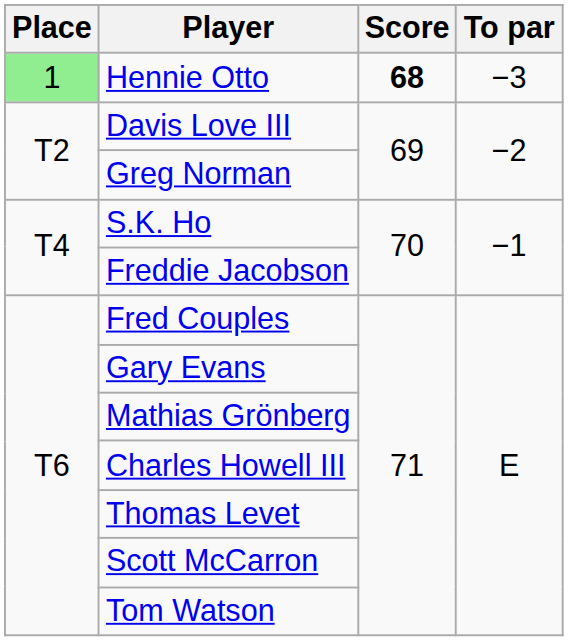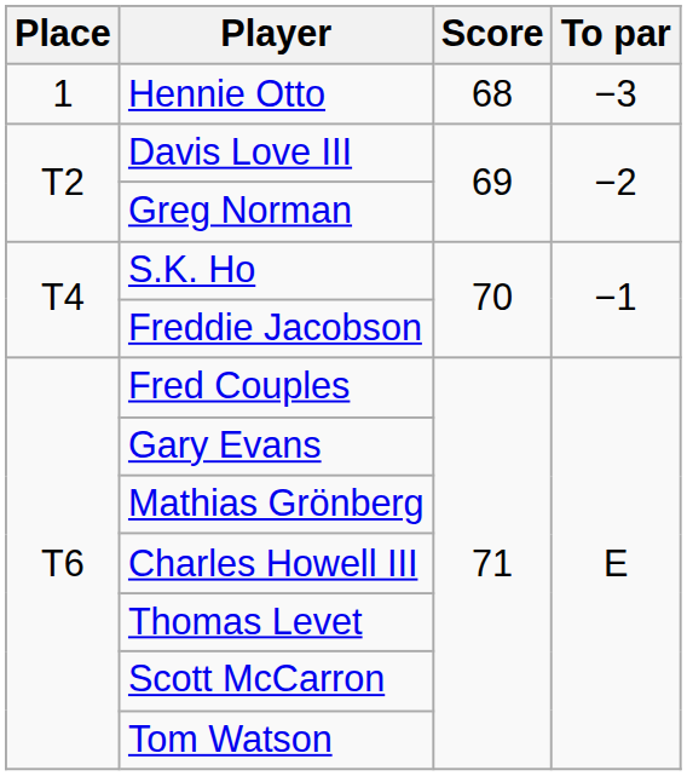 <table class="wikitable">
 <tr>
 <th>Place</th>
 <th>Player</th>
 <th>Score</th>
 <th>To par</th>
 </tr>
 <tr>
-<td align=center style="background: lightgreen;">1</td>
+<td align=center>1</td>
 <td> <a href='#'>Hennie Otto</a></td>
-<td align=center><strong>68</strong></td>
+<td align=center>68</td>
 <td align=center>−3</td>
 </tr>
 <tr>
 <td rowspan="2" style="text-align:center;">T2</td>
 <td> <a href='#'>Davis Love III</a></td>
 <td rowspan="2" style="text-align:center;">69</td>
 <td rowspan="2" style="text-align:center;">−2</td>
 </tr>
 <tr>
 <td> <a href='#'>Greg Norman</a></td>
 </tr>
 <tr>
 <td rowspan="2" style="text-align:center;">T4</td>
 <td> <a href='#'>S.K. Ho</a></td>
 <td rowspan="2" style="text-align:center;">70</td>
 <td rowspan="2" style="text-align:center;">−1</td>
 </tr>
 <tr>
 <td> <a href='#'>Freddie Jacobson</a></td>
 </tr>
 <tr>
 <td rowspan="7" style="text-align:center;">T6</td>
 <td> <a href='#'>Fred Couples</a></td>
 <td rowspan="7" style="text-align:center;">71</td>
 <td rowspan="7" style="text-align:center;">E</td>
 </tr>
 <tr>
 <td> <a href='#'>Gary Evans</a></td>
 </tr>
 <tr>
 <td> <a href='#'>Mathias Grönberg</a></td>
 </tr>
 <tr>
 <td> <a href='#'>Charles Howell III</a></td>
 </tr>
 <tr>
 <td> <a href='#'>Thomas Levet</a></td>
 </tr>
 <tr>
 <td> <a href='#'>Scott McCarron</a></td>
 </tr>
 <tr>
 <td> <a href='#'>Tom Watson</a></td>
 </tr>
 </table>
